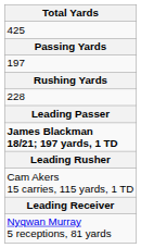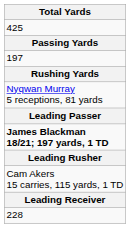 <table class="wikitable">
 <tr>
 <th>Total Yards</th>
 </tr>
 <tr>
 <td>425</td>
 </tr>
 <tr>
 <th>Passing Yards</th>
 </tr>
 <tr>
 <td>197</td>
 </tr>
 <tr>
 <th>Rushing Yards</th>
 </tr>
 <tr>
-<td>228</td>
+<td><a href='#'>Nyqwan Murray</a><br>5 receptions, 81 yards</td>
 </tr>
 <tr>
 <th>Leading Passer</th>
 </tr>
 <tr>
 <td><strong>James Blackman<br>18/21; 197 yards, 1 TD</strong></td>
 </tr>
 <tr>
 <th>Leading Rusher</th>
 </tr>
 <tr>
 <td>Cam Akers<br>15 carries, 115 yards, 1 TD</td>
 </tr>
 <tr>
 <th>Leading Receiver</th>
 </tr>
 <tr>
-<td><a href='#'>Nyqwan Murray</a><br>5 receptions, 81 yards</td>
+<td>228</td>
 </tr>
 </table>
